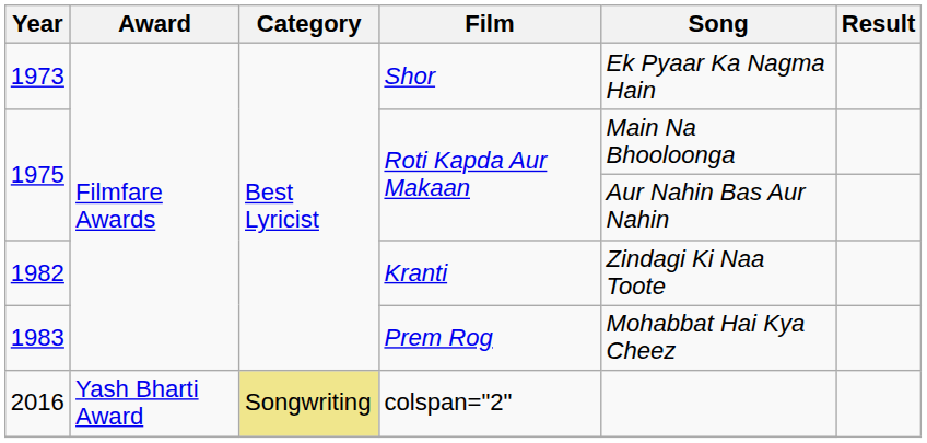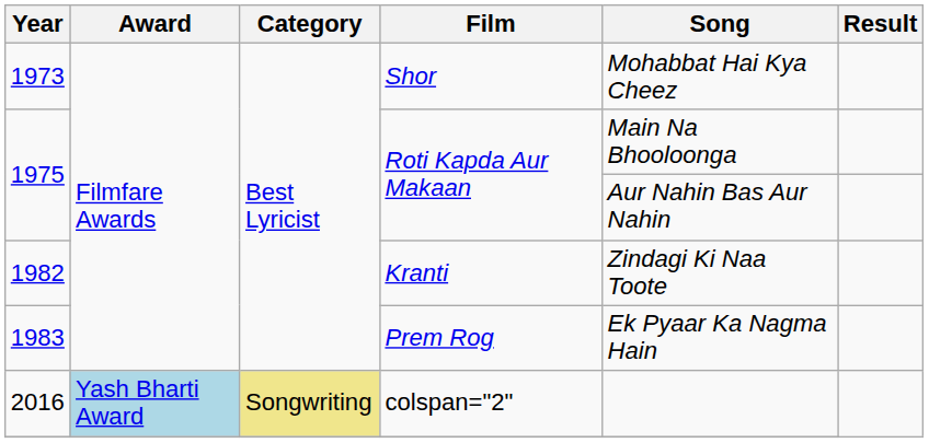 <table class="wikitable sortable">
 <tr>
 <th>Year</th>
 <th>Award</th>
 <th>Category</th>
 <th>Film</th>
 <th>Song</th>
 <th>Result</th>
 </tr>
 <tr>
 <td><a href='#'>1973</a></td>
 <td rowspan="5"><a href='#'>Filmfare Awards</a></td>
 <td rowspan="5"><a href='#'>Best Lyricist</a></td>
 <td><em><a href='#'>Shor</a></em></td>
-<td><em>Ek Pyaar Ka Nagma Hain</em></td>
+<td><em>Mohabbat Hai Kya Cheez</em></td>
 <td></td>
 </tr>
 <tr>
 <td rowspan="2"><a href='#'>1975</a></td>
 <td rowspan="2"><em><a href='#'>Roti Kapda Aur Makaan</a></em></td>
 <td><em>Main Na Bhooloonga</em></td>
 <td></td>
 </tr>
 <tr>
 <td><em>Aur Nahin Bas Aur Nahin</em></td>
 <td></td>
 </tr>
 <tr>
 <td><a href='#'>1982</a></td>
 <td><em><a href='#'>Kranti</a></em></td>
 <td><em>Zindagi Ki Naa Toote</em></td>
 <td></td>
 </tr>
 <tr>
 <td><a href='#'>1983</a></td>
 <td><em><a href='#'>Prem Rog</a></em></td>
-<td><em>Mohabbat Hai Kya Cheez</em></td>
+<td><em>Ek Pyaar Ka Nagma Hain</em></td>
 <td></td>
 </tr>
 <tr>
 <td>2016</td>
-<td><a href='#'>Yash Bharti Award</a></td>
+<td style="background: lightblue;"><a href='#'>Yash Bharti Award</a></td>
 <td style="background: khaki;">Songwriting</td>
 <td>colspan="2"</td>
 <td></td>
 </tr>
 <tr>
 </tr>
 </table>
